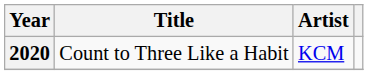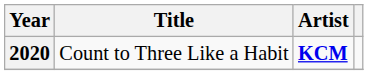 <table class="wikitable plainrowheaders">
 <tr>
 <th scope="col">Year</th>
 <th scope="col">Title</th>
 <th scope="col">Artist</th>
 <th scope="col" class="unsortable"></th>
 </tr>
 <tr>
 <th scope="row">2020</th>
 <td>Count to Three Like a Habit</td>
-<td><a href='#'>KCM</a></td>
+<td><strong><a href='#'>KCM</a></strong></td>
 <td style="text-align:center"></td>
 </tr>
 <tr>
 </tr>
 </table>
